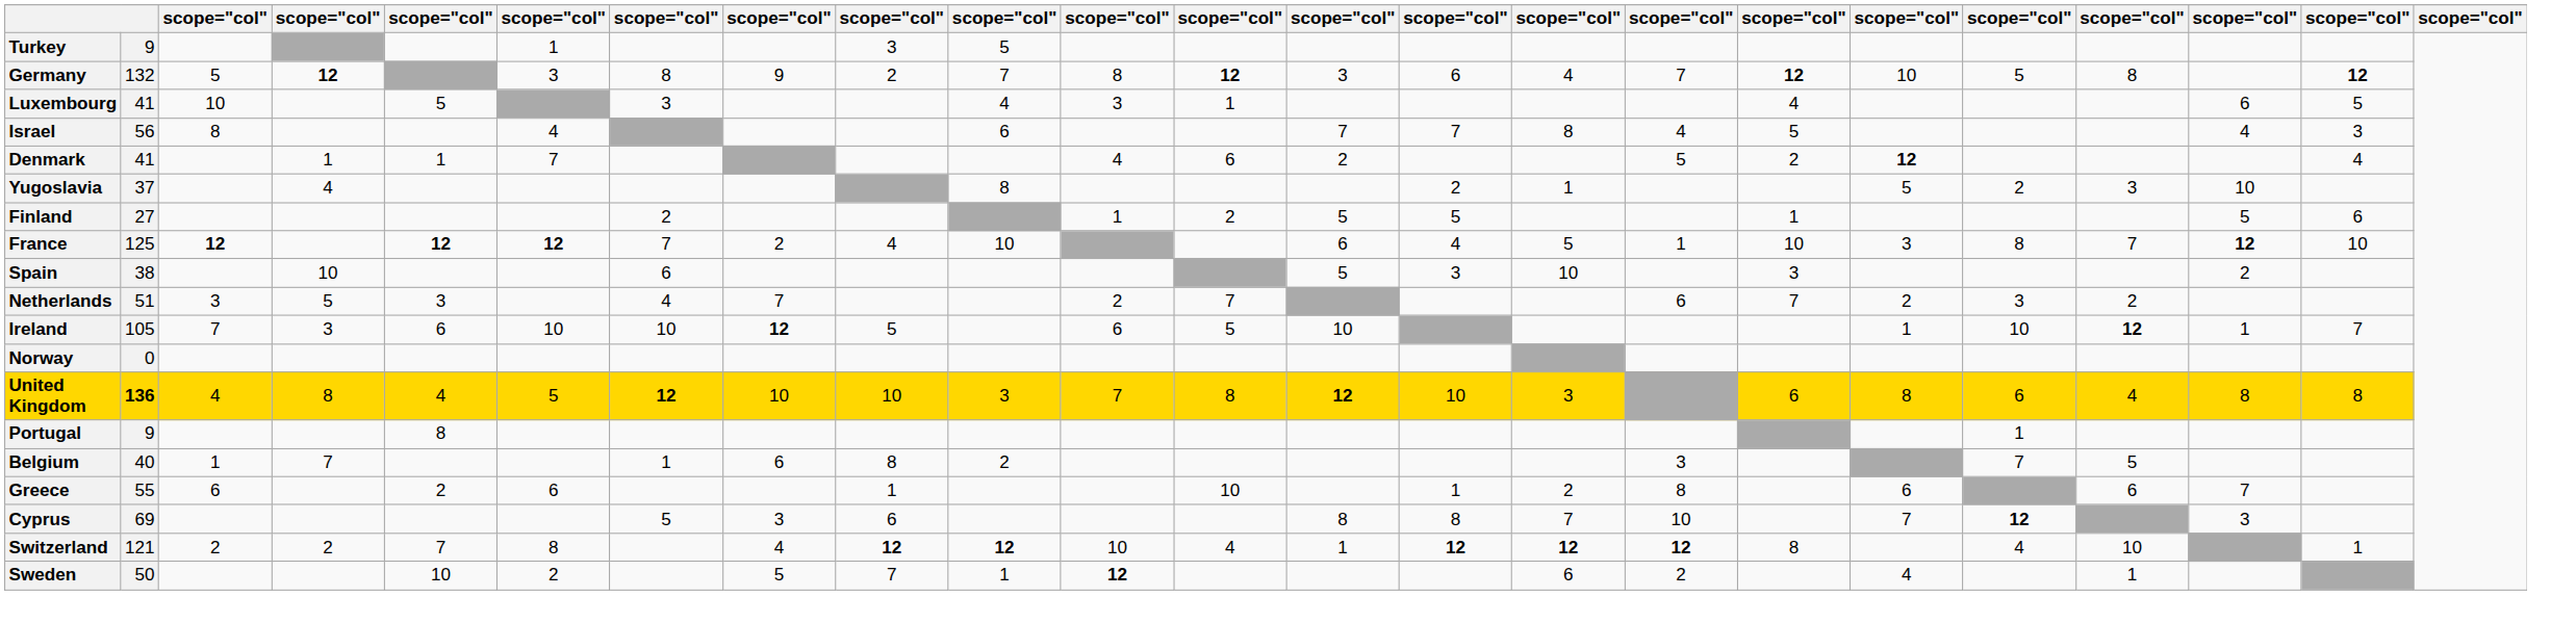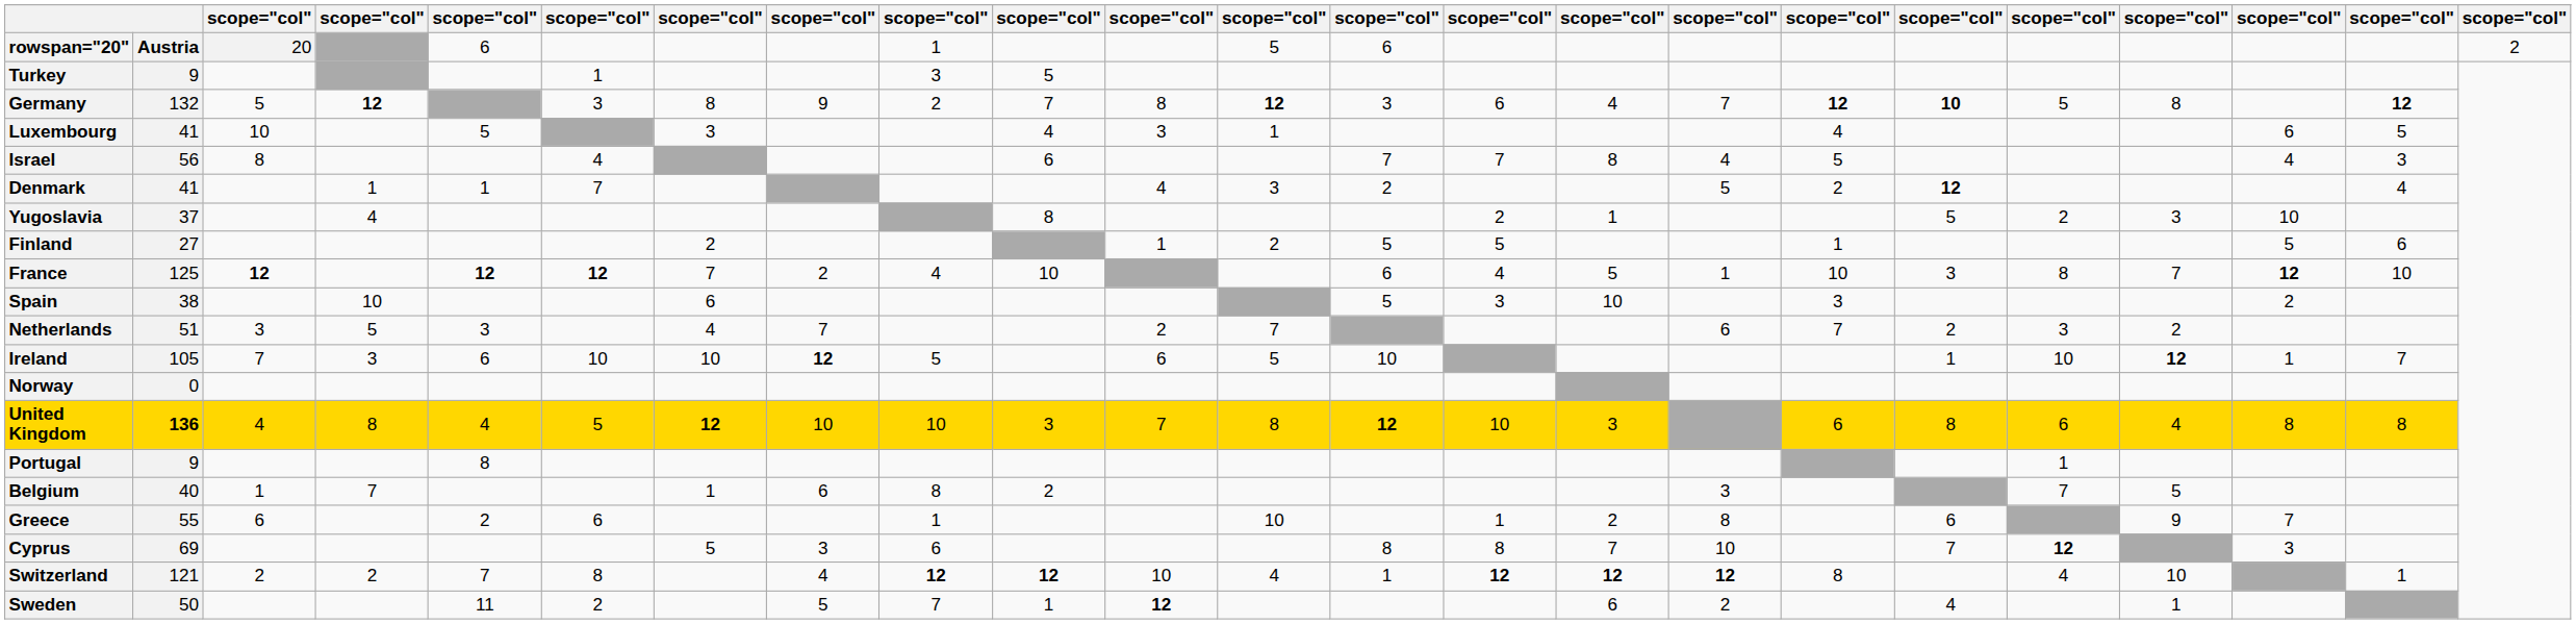 <table class="wikitable plainrowheaders" style="text-align:center;">
 <tr>
 </tr>
 <tr>
 <th colspan="2"></th>
 <th>scope="col" </th>
 <th>scope="col" </th>
 <th>scope="col" </th>
 <th>scope="col" </th>
 <th>scope="col" </th>
 <th>scope="col" </th>
 <th>scope="col" </th>
 <th>scope="col" </th>
 <th>scope="col" </th>
 <th>scope="col" </th>
 <th>scope="col" </th>
 <th>scope="col" </th>
 <th>scope="col" </th>
 <th>scope="col" </th>
 <th>scope="col" </th>
 <th>scope="col" </th>
 <th>scope="col" </th>
 <th>scope="col" </th>
 <th>scope="col" </th>
 <th>scope="col" </th>
 <th>scope="col" </th>
+</tr>
+<tr>
+<th>rowspan="20" </th>
+<th scope="row" style="text-align:left; background:#f2f2f2;">Austria</th>
+<td style="text-align:right; background:#f2f2f2;">20</td>
+<td style="text-align:left; background:#aaa;"></td>
+<td>6</td>
+<td></td>
+<td></td>
+<td></td>
+<td>1</td>
+<td></td>
+<td></td>
+<td>5</td>
+<td>6</td>
+<td></td>
+<td></td>
+<td></td>
+<td></td>
+<td></td>
+<td></td>
+<td></td>
+<td></td>
+<td></td>
+<td>2</td>
 </tr>
 <tr>
 <th scope="row" style="text-align:left; background:#f2f2f2;">Turkey</th>
 <td style="text-align:right; background:#f2f2f2;">9</td>
 <td></td>
 <td style="text-align:left; background:#aaa;"></td>
 <td></td>
 <td>1</td>
 <td></td>
 <td></td>
 <td>3</td>
 <td>5</td>
 <td></td>
 <td></td>
 <td></td>
 <td></td>
 <td></td>
 <td></td>
 <td></td>
 <td></td>
 <td></td>
 <td></td>
 <td></td>
 <td></td>
 </tr>
 <tr>
 <th scope="row" style="text-align:left; background:#f2f2f2;">Germany</th>
 <td style="text-align:right; background:#f2f2f2;">132</td>
 <td>5</td>
 <td><strong>12</strong></td>
 <td style="text-align:left; background:#aaa;"></td>
 <td>3</td>
 <td>8</td>
 <td>9</td>
 <td>2</td>
 <td>7</td>
 <td>8</td>
 <td><strong>12</strong></td>
 <td>3</td>
 <td>6</td>
 <td>4</td>
 <td>7</td>
 <td><strong>12</strong></td>
-<td>10</td>
+<td><strong>10</strong></td>
 <td>5</td>
 <td>8</td>
 <td></td>
 <td><strong>12</strong></td>
 </tr>
 <tr>
 <th scope="row" style="text-align:left; background:#f2f2f2;">Luxembourg</th>
 <td style="text-align:right; background:#f2f2f2;">41</td>
 <td>10</td>
 <td></td>
 <td>5</td>
 <td style="text-align:left; background:#aaa;"></td>
 <td>3</td>
 <td></td>
 <td></td>
 <td>4</td>
 <td>3</td>
 <td>1</td>
 <td></td>
 <td></td>
 <td></td>
 <td></td>
 <td>4</td>
 <td></td>
 <td></td>
 <td></td>
 <td>6</td>
 <td>5</td>
 </tr>
 <tr>
 <th scope="row" style="text-align:left; background:#f2f2f2;">Israel</th>
 <td style="text-align:right; background:#f2f2f2;">56</td>
 <td>8</td>
 <td></td>
 <td></td>
 <td>4</td>
 <td style="text-align:left; background:#aaa;"></td>
 <td></td>
 <td></td>
 <td>6</td>
 <td></td>
 <td></td>
 <td>7</td>
 <td>7</td>
 <td>8</td>
 <td>4</td>
 <td>5</td>
 <td></td>
 <td></td>
 <td></td>
 <td>4</td>
 <td>3</td>
 </tr>
 <tr>
 <th scope="row" style="text-align:left; background:#f2f2f2;">Denmark</th>
 <td style="text-align:right; background:#f2f2f2;">41</td>
 <td></td>
 <td>1</td>
 <td>1</td>
 <td>7</td>
 <td></td>
 <td style="text-align:left; background:#aaa;"></td>
 <td></td>
 <td></td>
 <td>4</td>
-<td>6</td>
+<td>3</td>
 <td>2</td>
 <td></td>
 <td></td>
 <td>5</td>
 <td>2</td>
 <td><strong>12</strong></td>
 <td></td>
 <td></td>
 <td></td>
 <td>4</td>
 </tr>
 <tr>
 <th scope="row" style="text-align:left; background:#f2f2f2;">Yugoslavia</th>
 <td style="text-align:right; background:#f2f2f2;">37</td>
 <td></td>
 <td>4</td>
 <td></td>
 <td></td>
 <td></td>
 <td></td>
 <td style="text-align:left; background:#aaa;"></td>
 <td>8</td>
 <td></td>
 <td></td>
 <td></td>
 <td>2</td>
 <td>1</td>
 <td></td>
 <td></td>
 <td>5</td>
 <td>2</td>
 <td>3</td>
 <td>10</td>
 <td></td>
 </tr>
 <tr>
 <th scope="row" style="text-align:left; background:#f2f2f2;">Finland</th>
 <td style="text-align:right; background:#f2f2f2;">27</td>
 <td></td>
 <td></td>
 <td></td>
 <td></td>
 <td>2</td>
 <td></td>
 <td></td>
 <td style="text-align:left; background:#aaa;"></td>
 <td>1</td>
 <td>2</td>
 <td>5</td>
 <td>5</td>
 <td></td>
 <td></td>
 <td>1</td>
 <td></td>
 <td></td>
 <td></td>
 <td>5</td>
 <td>6</td>
 </tr>
 <tr>
 <th scope="row" style="text-align:left; background:#f2f2f2;">France</th>
 <td style="text-align:right; background:#f2f2f2;">125</td>
 <td><strong>12</strong></td>
 <td></td>
 <td><strong>12</strong></td>
 <td><strong>12</strong></td>
 <td>7</td>
 <td>2</td>
 <td>4</td>
 <td>10</td>
 <td style="text-align:left; background:#aaa;"></td>
 <td></td>
 <td>6</td>
 <td>4</td>
 <td>5</td>
 <td>1</td>
 <td>10</td>
 <td>3</td>
 <td>8</td>
 <td>7</td>
 <td><strong>12</strong></td>
 <td>10</td>
 </tr>
 <tr>
 <th scope="row" style="text-align:left; background:#f2f2f2;">Spain</th>
 <td style="text-align:right; background:#f2f2f2;">38</td>
 <td></td>
 <td>10</td>
 <td></td>
 <td></td>
 <td>6</td>
 <td></td>
 <td></td>
 <td></td>
 <td></td>
 <td style="text-align:left; background:#aaa;"></td>
 <td>5</td>
 <td>3</td>
 <td>10</td>
 <td></td>
 <td>3</td>
 <td></td>
 <td></td>
 <td></td>
 <td>2</td>
 <td></td>
 </tr>
 <tr>
 <th scope="row" style="text-align:left; background:#f2f2f2;">Netherlands</th>
 <td style="text-align:right; background:#f2f2f2;">51</td>
 <td>3</td>
 <td>5</td>
 <td>3</td>
 <td></td>
 <td>4</td>
 <td>7</td>
 <td></td>
 <td></td>
 <td>2</td>
 <td>7</td>
 <td style="text-align:left; background:#aaa;"></td>
 <td></td>
 <td></td>
 <td>6</td>
 <td>7</td>
 <td>2</td>
 <td>3</td>
 <td>2</td>
 <td></td>
 <td></td>
 </tr>
 <tr>
 <th scope="row" style="text-align:left; background:#f2f2f2;">Ireland</th>
 <td style="text-align:right; background:#f2f2f2;">105</td>
 <td>7</td>
 <td>3</td>
 <td>6</td>
 <td>10</td>
 <td>10</td>
 <td><strong>12</strong></td>
 <td>5</td>
 <td></td>
 <td>6</td>
 <td>5</td>
 <td>10</td>
 <td style="text-align:left; background:#aaa;"></td>
 <td></td>
 <td></td>
 <td></td>
 <td>1</td>
 <td>10</td>
 <td><strong>12</strong></td>
 <td>1</td>
 <td>7</td>
 </tr>
 <tr>
 <th scope="row" style="text-align:left; background:#f2f2f2;">Norway</th>
 <td style="text-align:right; background:#f2f2f2;">0</td>
 <td></td>
 <td></td>
 <td></td>
 <td></td>
 <td></td>
 <td></td>
 <td></td>
 <td></td>
 <td></td>
 <td></td>
 <td></td>
 <td></td>
 <td style="text-align:left; background:#aaa;"></td>
 <td></td>
 <td></td>
 <td></td>
 <td></td>
 <td></td>
 <td></td>
 <td></td>
 </tr>
 <tr style="background:gold;">
 <th scope="row" style="text-align:left; font-weight:bold; background:gold;">United Kingdom</th>
 <td style="text-align:right; font-weight:bold;">136</td>
 <td>4</td>
 <td>8</td>
 <td>4</td>
 <td>5</td>
 <td><strong>12</strong></td>
 <td>10</td>
 <td>10</td>
 <td>3</td>
 <td>7</td>
 <td>8</td>
 <td><strong>12</strong></td>
 <td>10</td>
 <td>3</td>
 <td style="text-align:left; background:#aaa;"></td>
 <td>6</td>
 <td>8</td>
 <td>6</td>
 <td>4</td>
 <td>8</td>
 <td>8</td>
 </tr>
 <tr>
 <th scope="row" style="text-align:left; background:#f2f2f2;">Portugal</th>
 <td style="text-align:right; background:#f2f2f2;">9</td>
 <td></td>
 <td></td>
 <td>8</td>
 <td></td>
 <td></td>
 <td></td>
 <td></td>
 <td></td>
 <td></td>
 <td></td>
 <td></td>
 <td></td>
 <td></td>
 <td></td>
 <td style="text-align:left; background:#aaa;"></td>
 <td></td>
 <td>1</td>
 <td></td>
 <td></td>
 <td></td>
 </tr>
 <tr>
 <th scope="row" style="text-align:left; background:#f2f2f2;">Belgium</th>
 <td style="text-align:right; background:#f2f2f2;">40</td>
 <td>1</td>
 <td>7</td>
 <td></td>
 <td></td>
 <td>1</td>
 <td>6</td>
 <td>8</td>
 <td>2</td>
 <td></td>
 <td></td>
 <td></td>
 <td></td>
 <td></td>
 <td>3</td>
 <td></td>
 <td style="text-align:left; background:#aaa;"></td>
 <td>7</td>
 <td>5</td>
 <td></td>
 <td></td>
 </tr>
 <tr>
 <th scope="row" style="text-align:left; background:#f2f2f2;">Greece</th>
 <td style="text-align:right; background:#f2f2f2;">55</td>
 <td>6</td>
 <td></td>
 <td>2</td>
 <td>6</td>
 <td></td>
 <td></td>
 <td>1</td>
 <td></td>
 <td></td>
 <td>10</td>
 <td></td>
 <td>1</td>
 <td>2</td>
 <td>8</td>
 <td></td>
 <td>6</td>
 <td style="text-align:left; background:#aaa;"></td>
-<td>6</td>
+<td>9</td>
 <td>7</td>
 <td></td>
 </tr>
 <tr>
 <th scope="row" style="text-align:left; background:#f2f2f2;">Cyprus</th>
 <td style="text-align:right; background:#f2f2f2;">69</td>
 <td></td>
 <td></td>
 <td></td>
 <td></td>
 <td>5</td>
 <td>3</td>
 <td>6</td>
 <td></td>
 <td></td>
 <td></td>
 <td>8</td>
 <td>8</td>
 <td>7</td>
 <td>10</td>
 <td></td>
 <td>7</td>
 <td><strong>12</strong></td>
 <td style="text-align:left; background:#aaa;"></td>
 <td>3</td>
 <td></td>
 </tr>
 <tr>
 <th scope="row" style="text-align:left; background:#f2f2f2;">Switzerland</th>
 <td style="text-align:right; background:#f2f2f2;">121</td>
 <td>2</td>
 <td>2</td>
 <td>7</td>
 <td>8</td>
 <td></td>
 <td>4</td>
 <td><strong>12</strong></td>
 <td><strong>12</strong></td>
 <td>10</td>
 <td>4</td>
 <td>1</td>
 <td><strong>12</strong></td>
 <td><strong>12</strong></td>
 <td><strong>12</strong></td>
 <td>8</td>
 <td></td>
 <td>4</td>
 <td>10</td>
 <td style="text-align:left; background:#aaa;"></td>
 <td>1</td>
 </tr>
 <tr>
 <th scope="row" style="text-align:left; background:#f2f2f2;">Sweden</th>
 <td style="text-align:right; background:#f2f2f2;">50</td>
 <td></td>
 <td></td>
-<td>10</td>
+<td>11</td>
 <td>2</td>
 <td></td>
 <td>5</td>
 <td>7</td>
 <td>1</td>
 <td><strong>12</strong></td>
 <td></td>
 <td></td>
 <td></td>
 <td>6</td>
 <td>2</td>
 <td></td>
 <td>4</td>
 <td></td>
 <td>1</td>
 <td></td>
 <td style="text-align:left; background:#aaa;"></td>
 </tr>
 </table>
